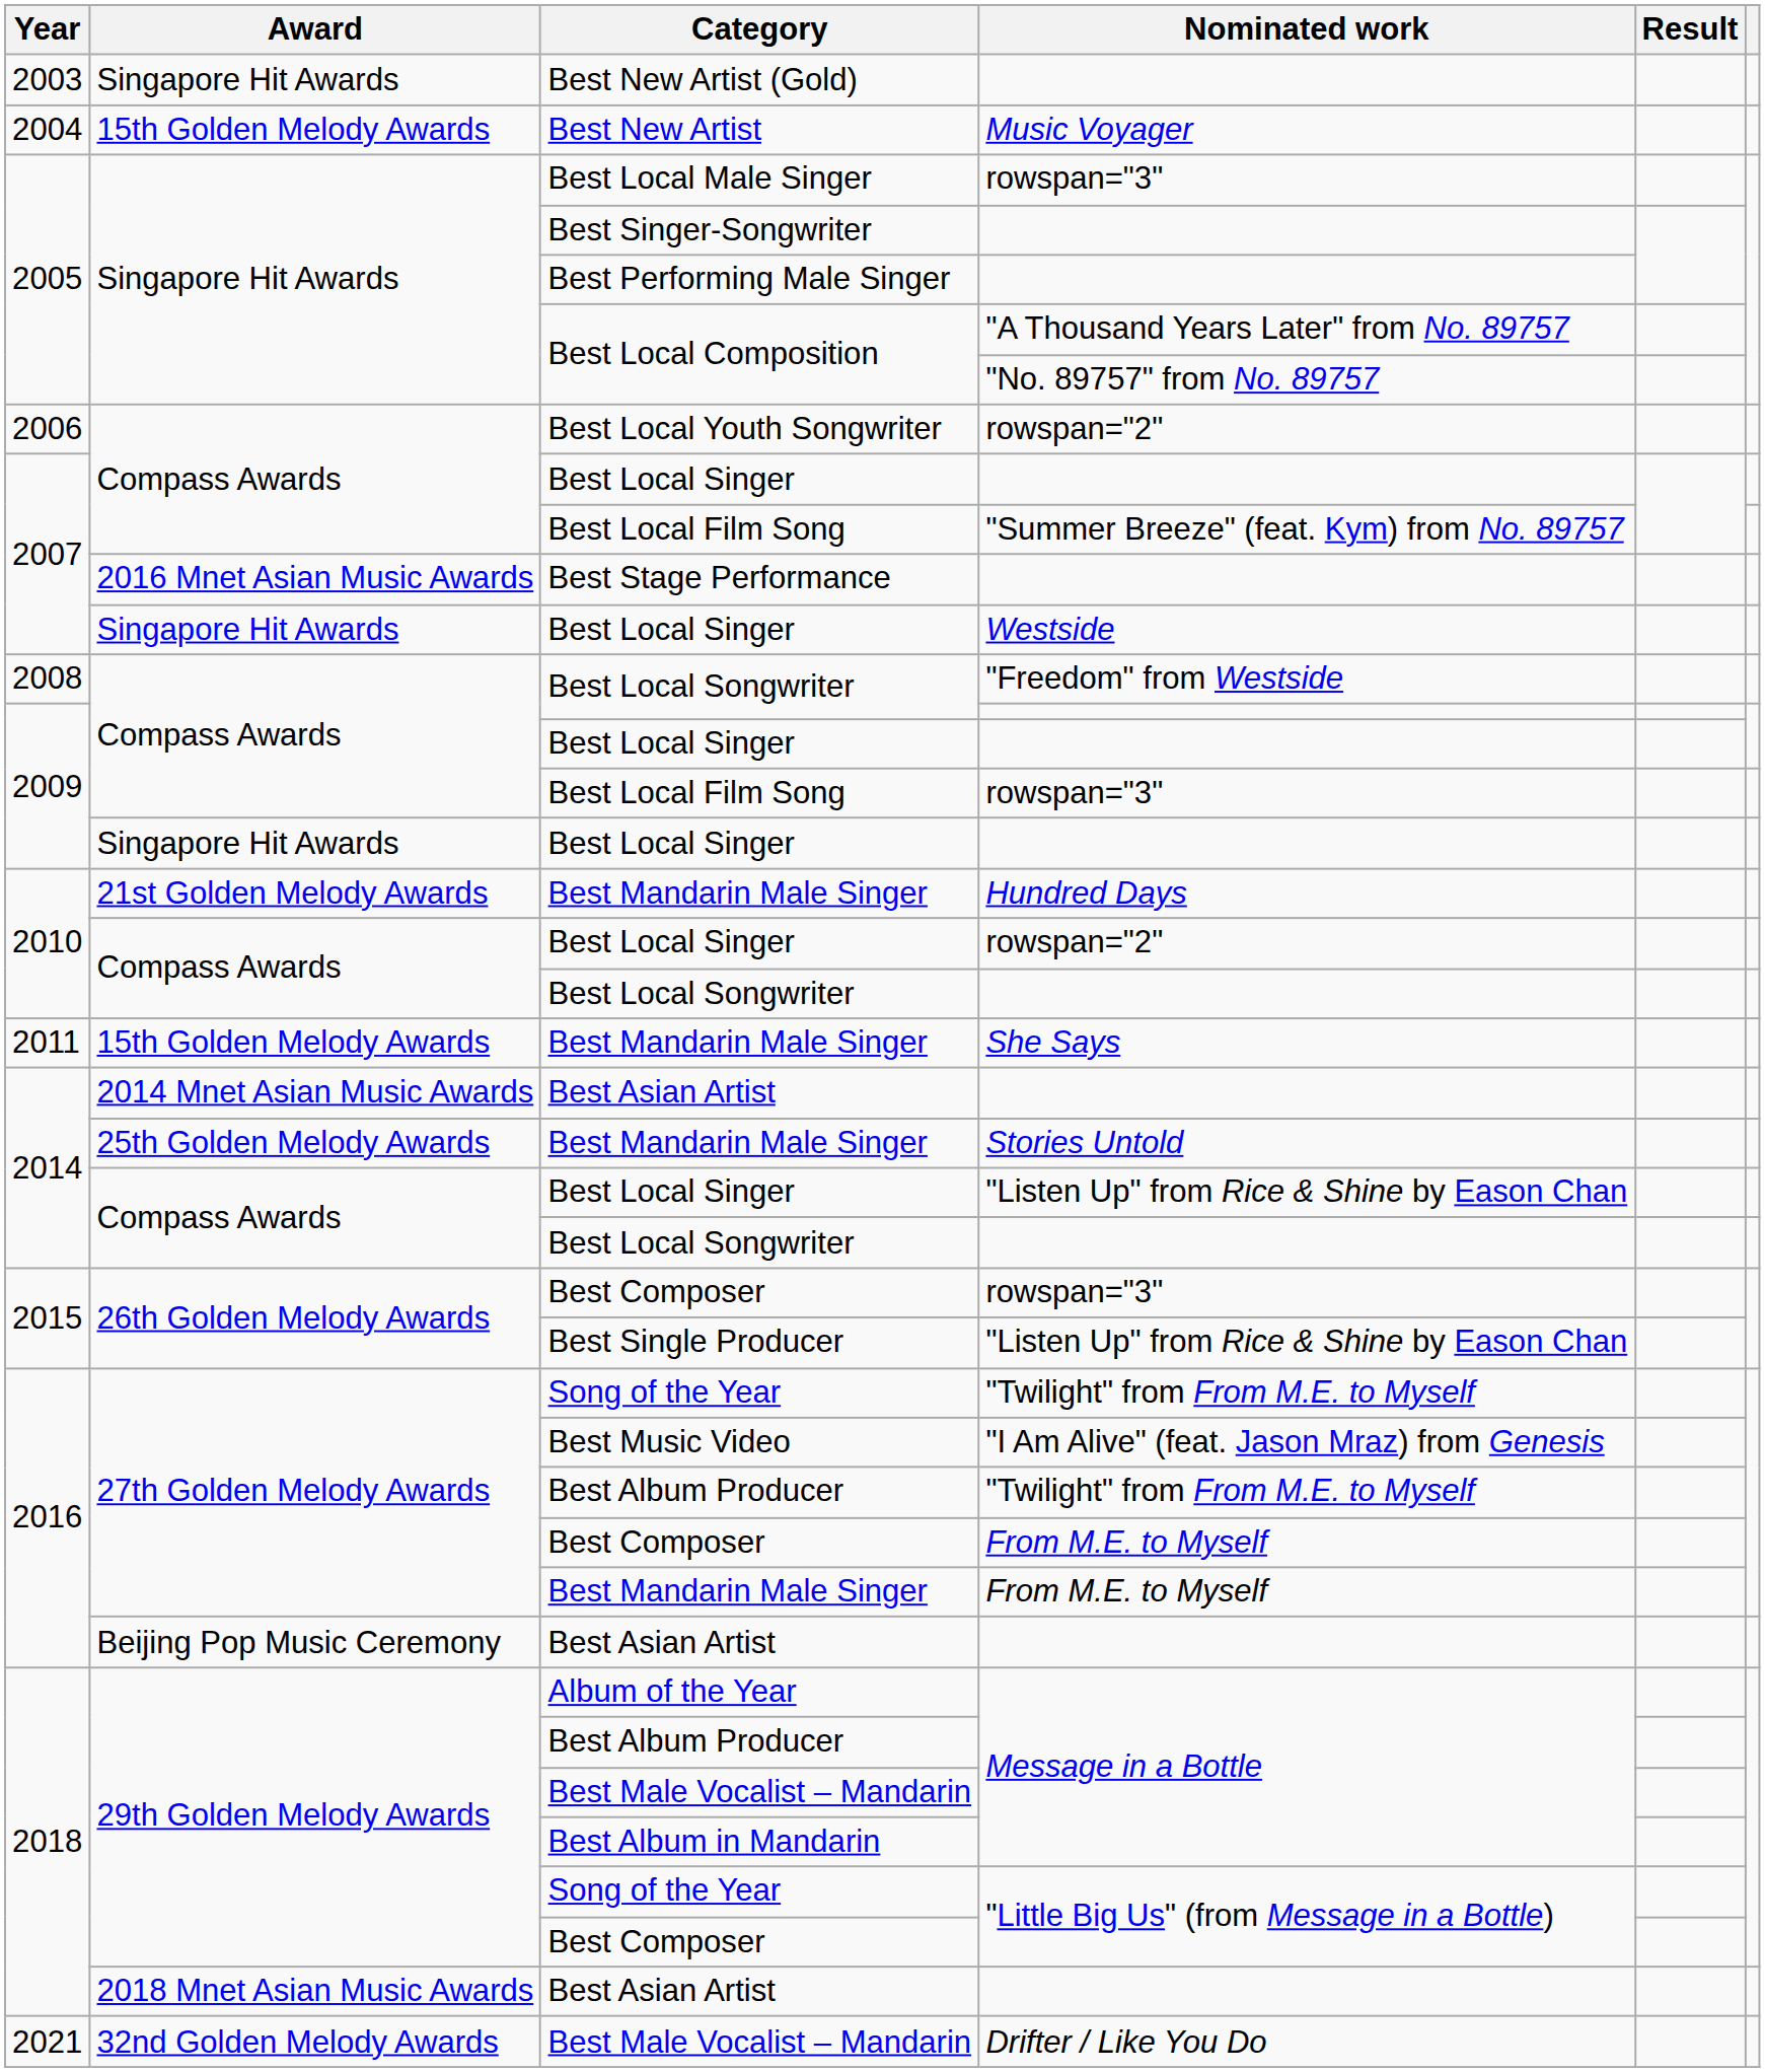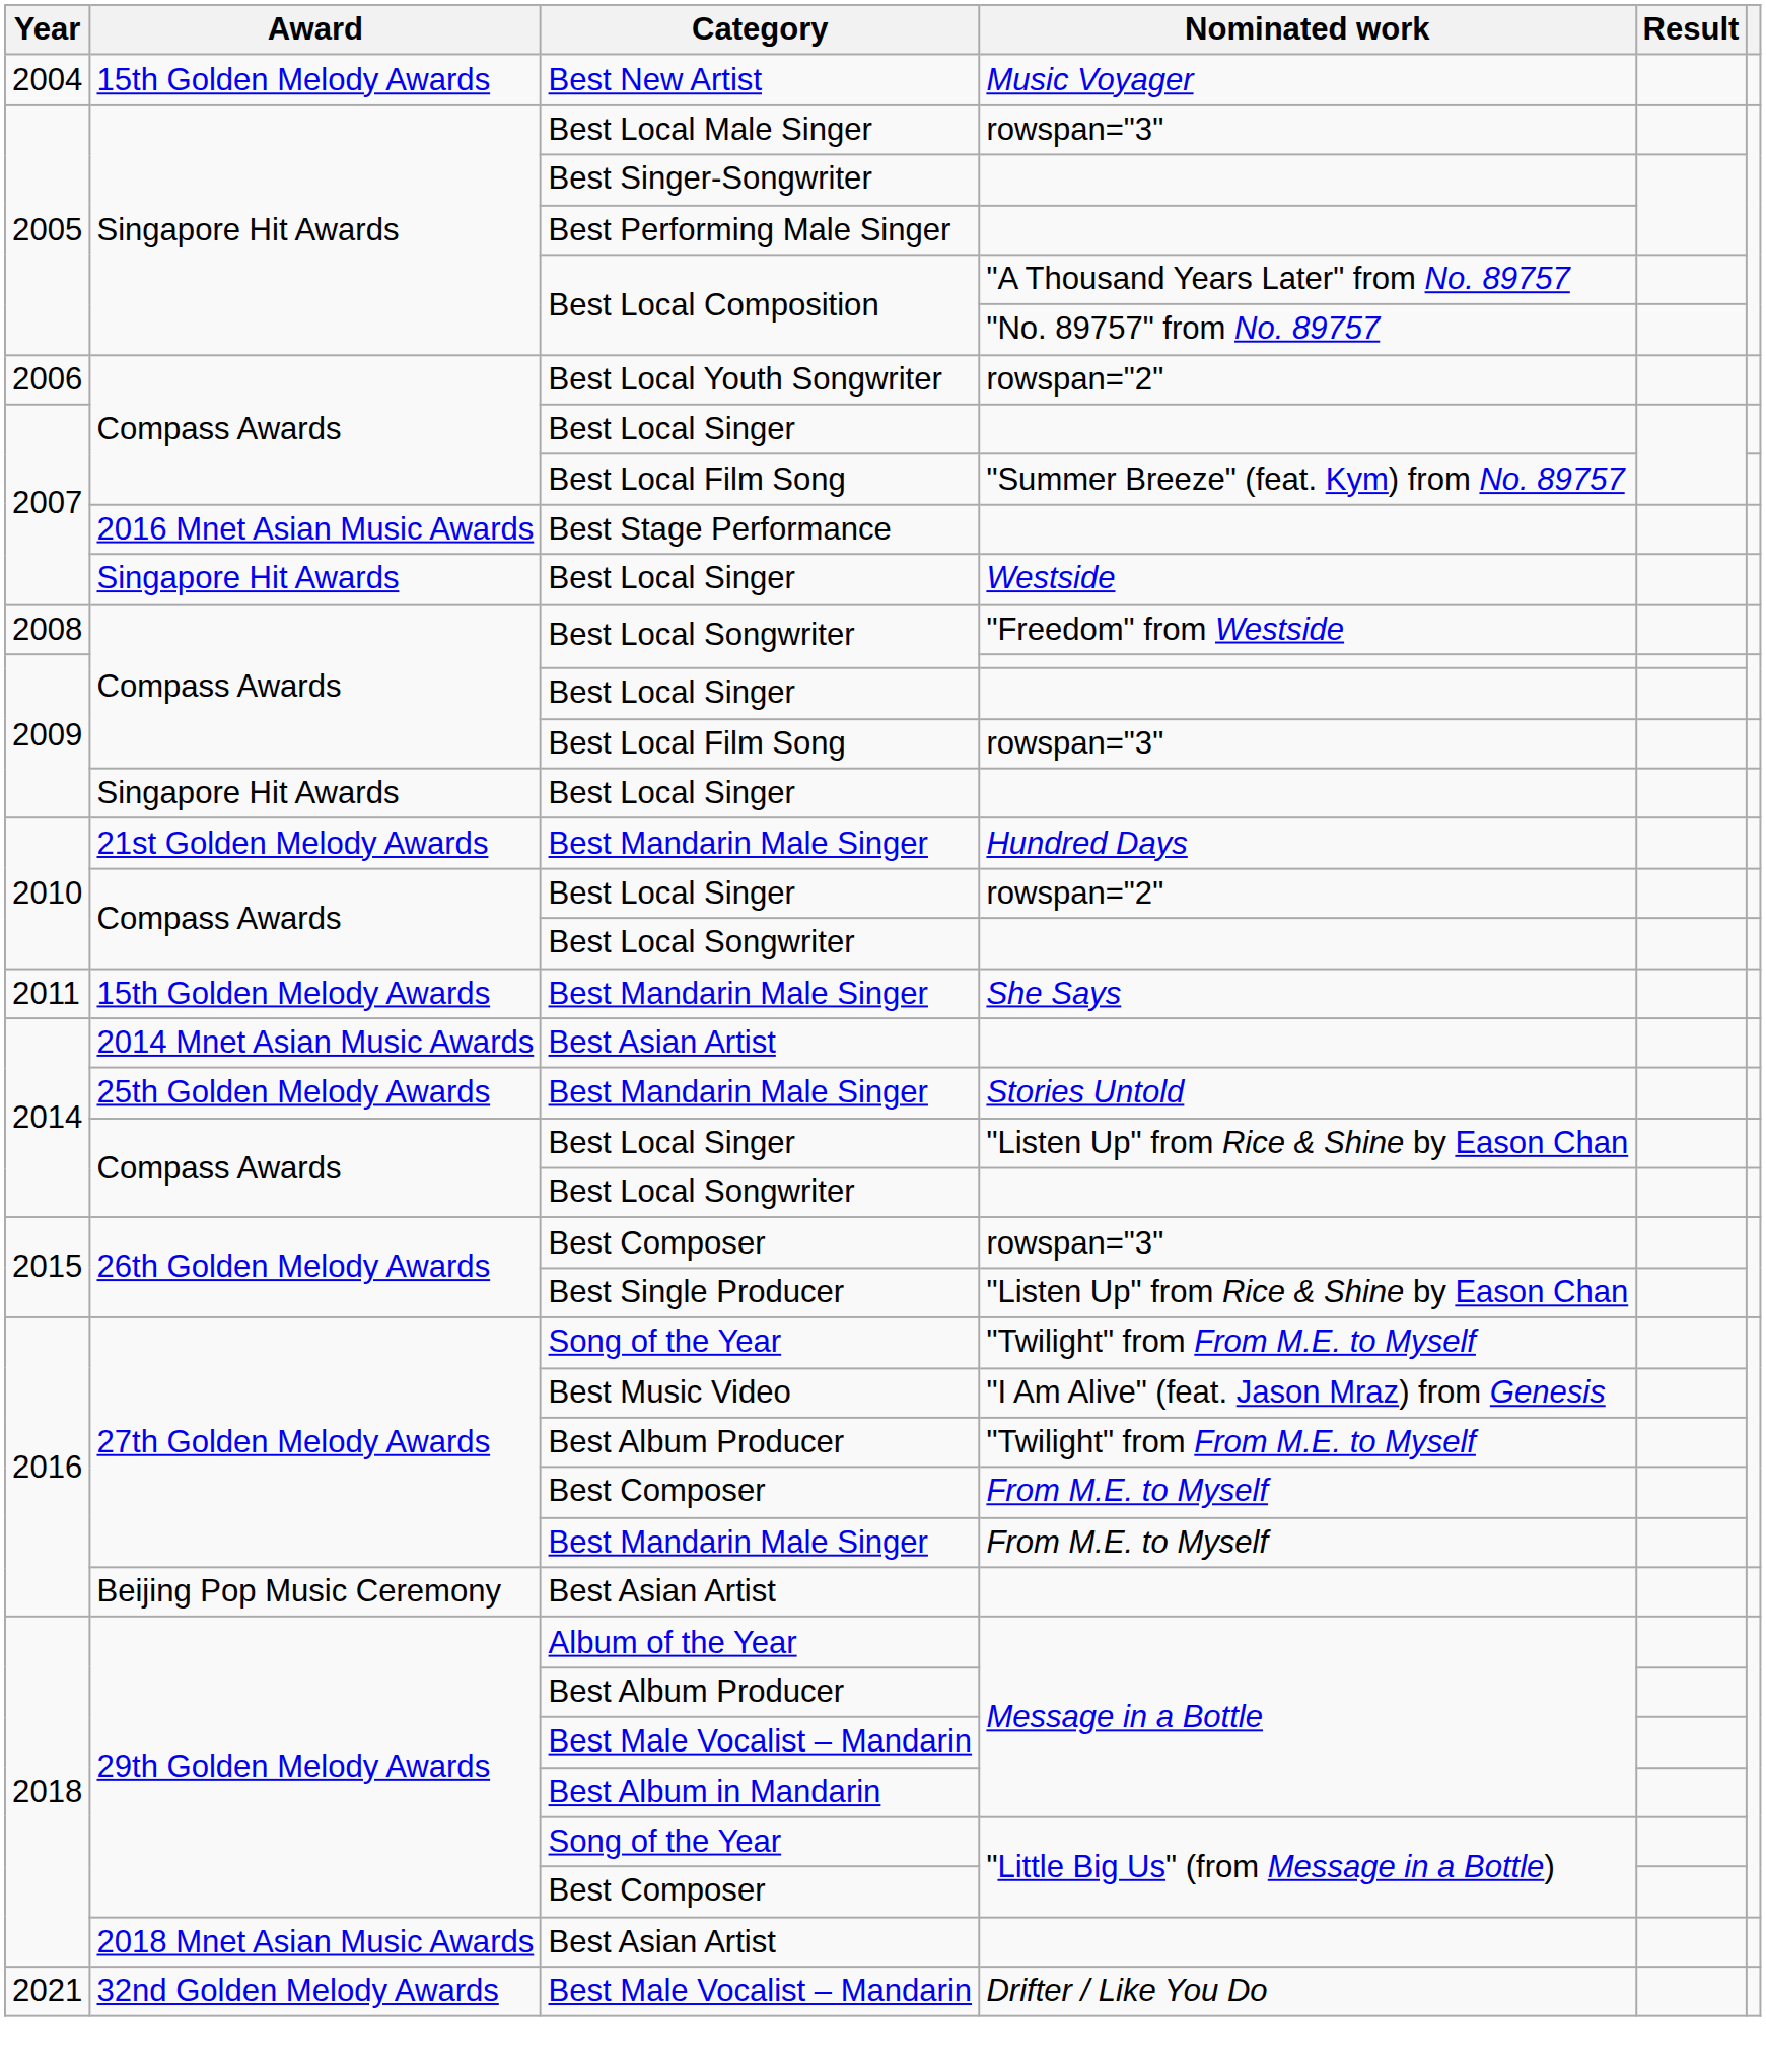 <table class="wikitable sortable">
 <tr>
 <th scope="col">Year</th>
 <th scope="col">Award</th>
 <th scope="col">Category</th>
 <th scope="col">Nominated work</th>
 <th scope="col">Result</th>
 <th scope="col" class="unsortable"></th>
-</tr>
-<tr>
-<td>2003</td>
-<td>Singapore Hit Awards</td>
-<td>Best New Artist (Gold)</td>
-<td></td>
-<td></td>
-<td></td>
 </tr>
 <tr>
 <td>2004</td>
 <td><a href='#'>15th Golden Melody Awards</a></td>
 <td><a href='#'>Best New Artist</a></td>
 <td><em><a href='#'>Music Voyager</a></em></td>
 <td></td>
 <td></td>
 </tr>
 <tr>
 <td rowspan="5">2005</td>
 <td rowspan="5">Singapore Hit Awards</td>
 <td>Best Local Male Singer</td>
 <td>rowspan="3" </td>
 <td></td>
 <td rowspan="5"></td>
 </tr>
 <tr>
 <td>Best Singer-Songwriter</td>
 <td></td>
 </tr>
 <tr>
 <td>Best Performing Male Singer</td>
 <td></td>
 </tr>
 <tr>
 <td rowspan="2">Best Local Composition</td>
 <td>"A Thousand Years Later" from <em><a href='#'>No. 89757</a></em></td>
 <td></td>
 </tr>
 <tr>
 <td>"No. 89757" from <em><a href='#'>No. 89757</a></em></td>
 <td></td>
 </tr>
 <tr>
 <td>2006</td>
 <td rowspan="3">Compass Awards</td>
 <td>Best Local Youth Songwriter</td>
 <td>rowspan="2" </td>
 <td></td>
 <td></td>
 </tr>
 <tr>
 <td rowspan="4">2007</td>
 <td>Best Local Singer</td>
 <td></td>
 <td rowspan="2"></td>
 </tr>
 <tr>
 <td>Best Local Film Song</td>
 <td>"Summer Breeze" (feat. <a href='#'>Kym</a>) from <em><a href='#'>No. 89757</a></em></td>
 <td></td>
 </tr>
 <tr>
 <td><a href='#'>2016 Mnet Asian Music Awards</a></td>
 <td>Best Stage Performance</td>
 <td></td>
 <td></td>
 <td></td>
 </tr>
 <tr>
 <td><a href='#'>Singapore Hit Awards</a></td>
 <td>Best Local Singer</td>
 <td><em><a href='#'>Westside</a></em></td>
 <td></td>
 <td></td>
 </tr>
 <tr>
 <td>2008</td>
 <td rowspan="4">Compass Awards</td>
 <td rowspan="2">Best Local Songwriter</td>
 <td>"Freedom" from <em><a href='#'>Westside</a></em></td>
 <td></td>
 <td></td>
 </tr>
 <tr>
 <td rowspan="4">2009</td>
 <td></td>
 <td align="center"></td>
 </tr>
 <tr>
 <td>Best Local Singer</td>
 <td></td>
 <td align="center"></td>
 </tr>
 <tr>
 <td>Best Local Film Song</td>
 <td>rowspan="3" </td>
 <td></td>
 <td align="center"></td>
 </tr>
 <tr>
 <td>Singapore Hit Awards</td>
 <td>Best Local Singer</td>
 <td></td>
 <td></td>
 <td></td>
 </tr>
 <tr>
 <td rowspan="3">2010</td>
 <td><a href='#'>21st Golden Melody Awards</a></td>
 <td><a href='#'>Best Mandarin Male Singer</a></td>
 <td><em><a href='#'>Hundred Days</a></em></td>
 <td></td>
 <td align="center"></td>
 </tr>
 <tr>
 <td rowspan="2">Compass Awards</td>
 <td>Best Local Singer</td>
 <td>rowspan="2" </td>
 <td></td>
 <td></td>
 </tr>
 <tr>
 <td>Best Local Songwriter</td>
 <td></td>
 <td></td>
 </tr>
 <tr>
 <td>2011</td>
 <td><a href='#'>15th Golden Melody Awards</a></td>
 <td><a href='#'>Best Mandarin Male Singer</a></td>
 <td><em><a href='#'>She Says</a></em></td>
 <td></td>
 <td></td>
 </tr>
 <tr>
 <td rowspan="4">2014</td>
 <td><a href='#'>2014 Mnet Asian Music Awards</a></td>
 <td><a href='#'>Best Asian Artist</a></td>
 <td></td>
 <td></td>
 <td></td>
 </tr>
 <tr>
 <td><a href='#'>25th Golden Melody Awards</a></td>
 <td><a href='#'>Best Mandarin Male Singer</a></td>
 <td><em><a href='#'>Stories Untold</a></em></td>
 <td></td>
 <td></td>
 </tr>
 <tr>
 <td rowspan="2">Compass Awards</td>
 <td>Best Local Singer</td>
 <td>"Listen Up" from <em>Rice & Shine</em> by <a href='#'>Eason Chan</a></td>
 <td></td>
 <td></td>
 </tr>
 <tr>
 <td>Best Local Songwriter</td>
 <td></td>
 <td></td>
 </tr>
 <tr>
 <td rowspan="2">2015</td>
 <td rowspan="2"><a href='#'>26th Golden Melody Awards</a></td>
 <td>Best Composer</td>
 <td>rowspan="3" </td>
 <td></td>
 <td rowspan="2"></td>
 </tr>
 <tr>
 <td>Best Single Producer</td>
 <td>"Listen Up" from <em>Rice & Shine</em> by <a href='#'>Eason Chan</a></td>
 <td></td>
 </tr>
 <tr>
 <td rowspan="6">2016</td>
 <td rowspan="5"><a href='#'>27th Golden Melody Awards</a></td>
 <td><a href='#'>Song of the Year</a></td>
 <td>"Twilight" from <em><a href='#'>From M.E. to Myself</a></em></td>
 <td></td>
 <td rowspan="5"></td>
 </tr>
 <tr>
 <td>Best Music Video</td>
 <td>"I Am Alive" (feat. <a href='#'>Jason Mraz</a>) from <em><a href='#'>Genesis</a></em></td>
 <td></td>
 </tr>
 <tr>
 <td>Best Album Producer</td>
 <td>"Twilight" from <em><a href='#'>From M.E. to Myself</a></em></td>
 <td></td>
 </tr>
 <tr>
 <td>Best Composer</td>
 <td><em><a href='#'>From M.E. to Myself</a></em></td>
 <td></td>
 </tr>
 <tr>
 <td><a href='#'>Best Mandarin Male Singer</a></td>
 <td><em>From M.E. to Myself</em></td>
 <td></td>
 </tr>
 <tr>
 <td>Beijing Pop Music Ceremony</td>
 <td>Best Asian Artist</td>
 <td></td>
 <td></td>
 <td></td>
 </tr>
 <tr>
 <td rowspan="7">2018</td>
 <td rowspan="6"><a href='#'>29th Golden Melody Awards</a></td>
 <td><a href='#'>Album of the Year</a></td>
 <td rowspan="4"><em><a href='#'>Message in a Bottle</a></em></td>
 <td></td>
 <td rowspan="6"></td>
 </tr>
 <tr>
 <td>Best Album Producer</td>
 <td></td>
 </tr>
 <tr>
 <td><a href='#'>Best Male Vocalist – Mandarin</a></td>
 <td></td>
 </tr>
 <tr>
 <td><a href='#'>Best Album in Mandarin</a></td>
 <td></td>
 </tr>
 <tr>
 <td><a href='#'>Song of the Year</a></td>
 <td rowspan="2">"<a href='#'>Little Big Us</a>" (from <em><a href='#'>Message in a Bottle</a></em>)</td>
 <td></td>
 </tr>
 <tr>
 <td>Best Composer</td>
 <td></td>
 </tr>
 <tr>
 <td><a href='#'>2018 Mnet Asian Music Awards</a></td>
 <td>Best Asian Artist</td>
 <td></td>
 <td></td>
 <td></td>
 </tr>
 <tr>
 <td rowspan="6">2021</td>
 <td rowspan="5"><a href='#'>32nd Golden Melody Awards</a></td>
 <td><a href='#'>Best Male Vocalist – Mandarin</a></td>
 <td><em>Drifter / Like You Do</em></td>
 <td></td>
 <td></td>
 </tr>
 </table>
